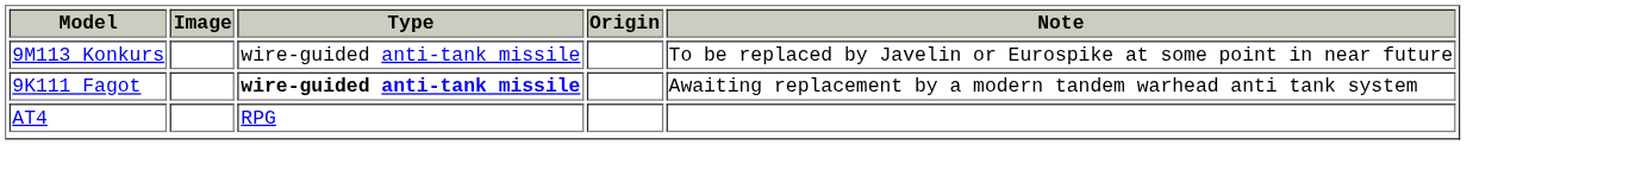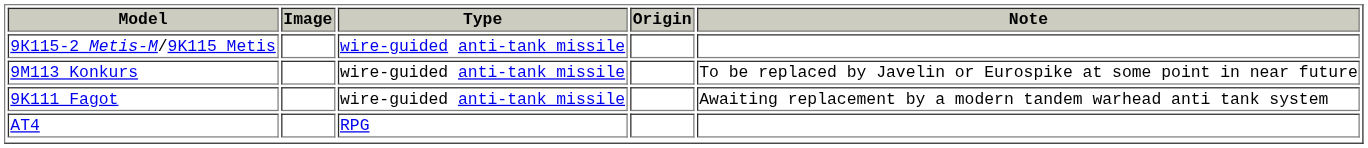 <table border=1 style="border-collapse:">
 <tr bgcolor=ccccc>
 <th>Model</th>
 <th>Image</th>
 <th>Type</th>
 <th>Origin</th>
 <th>Note</th>
+</tr>
+<tr>
+<td><a href='#'>9К115-2 <em>Metis-M</em></a>/<a href='#'>9K115 Metis</a></td>
+<td></td>
+<td><a href='#'>wire-guided</a> <a href='#'>anti-tank missile</a></td>
+<td></td>
+<td></td>
 </tr>
 <tr>
 <td><a href='#'>9M113 Konkurs</a></td>
 <td></td>
 <td>wire-guided <a href='#'>anti-tank missile</a></td>
 <td></td>
 <td>To be replaced by Javelin or Eurospike at some point in near future</td>
 </tr>
 <tr>
 <td><a href='#'>9K111 Fagot</a></td>
 <td></td>
-<td><strong>wire-guided <a href='#'>anti-tank missile</a></strong></td>
+<td>wire-guided <a href='#'>anti-tank missile</a></td>
 <td></td>
 <td>Awaiting replacement by a modern tandem warhead anti tank system</td>
 </tr>
 <tr>
 <td><a href='#'>AT4</a></td>
 <td></td>
 <td><a href='#'>RPG</a></td>
 <td></td>
 <td></td>
 </tr>
 <tr>
 </tr>
 </table>
